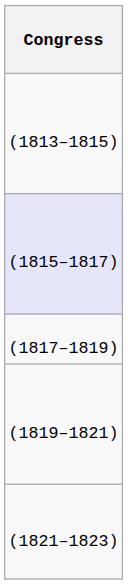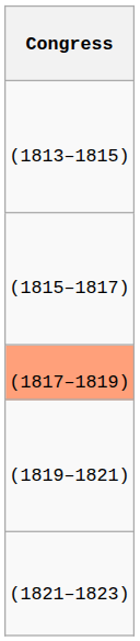 <table class="wikitable" style="float:left; margin:0; margin-right:-0.5px; margin-top:14px; text-align:center;">
 <tr style="white-space:nowrap; height:4.08em;">
 <th>Congress</th>
 </tr>
 <tr style="white-space:nowrap; height:7.22em;">
 <td><strong></strong><br>(1813–1815)</td>
 </tr>
 <tr style="white-space:nowrap; height:7.24em">
-<td style="background: lavender;"><strong></strong><br>(1815–1817)</td>
+<td><strong></strong><br>(1815–1817)</td>
 </tr>
 <tr style="white-space:nowrap; height:3em">
-<td><strong></strong><br>(1817–1819)</td>
+<td style="background: lightsalmon;"><strong></strong><br>(1817–1819)</td>
 </tr>
 <tr style="white-space:nowrap; height:7.22em">
 <td><strong></strong><br>(1819–1821)</td>
 </tr>
 <tr style="white-space:nowrap; height:5.72em">
 <td><strong></strong><br>(1821–1823)</td>
 </tr>
 </table>
